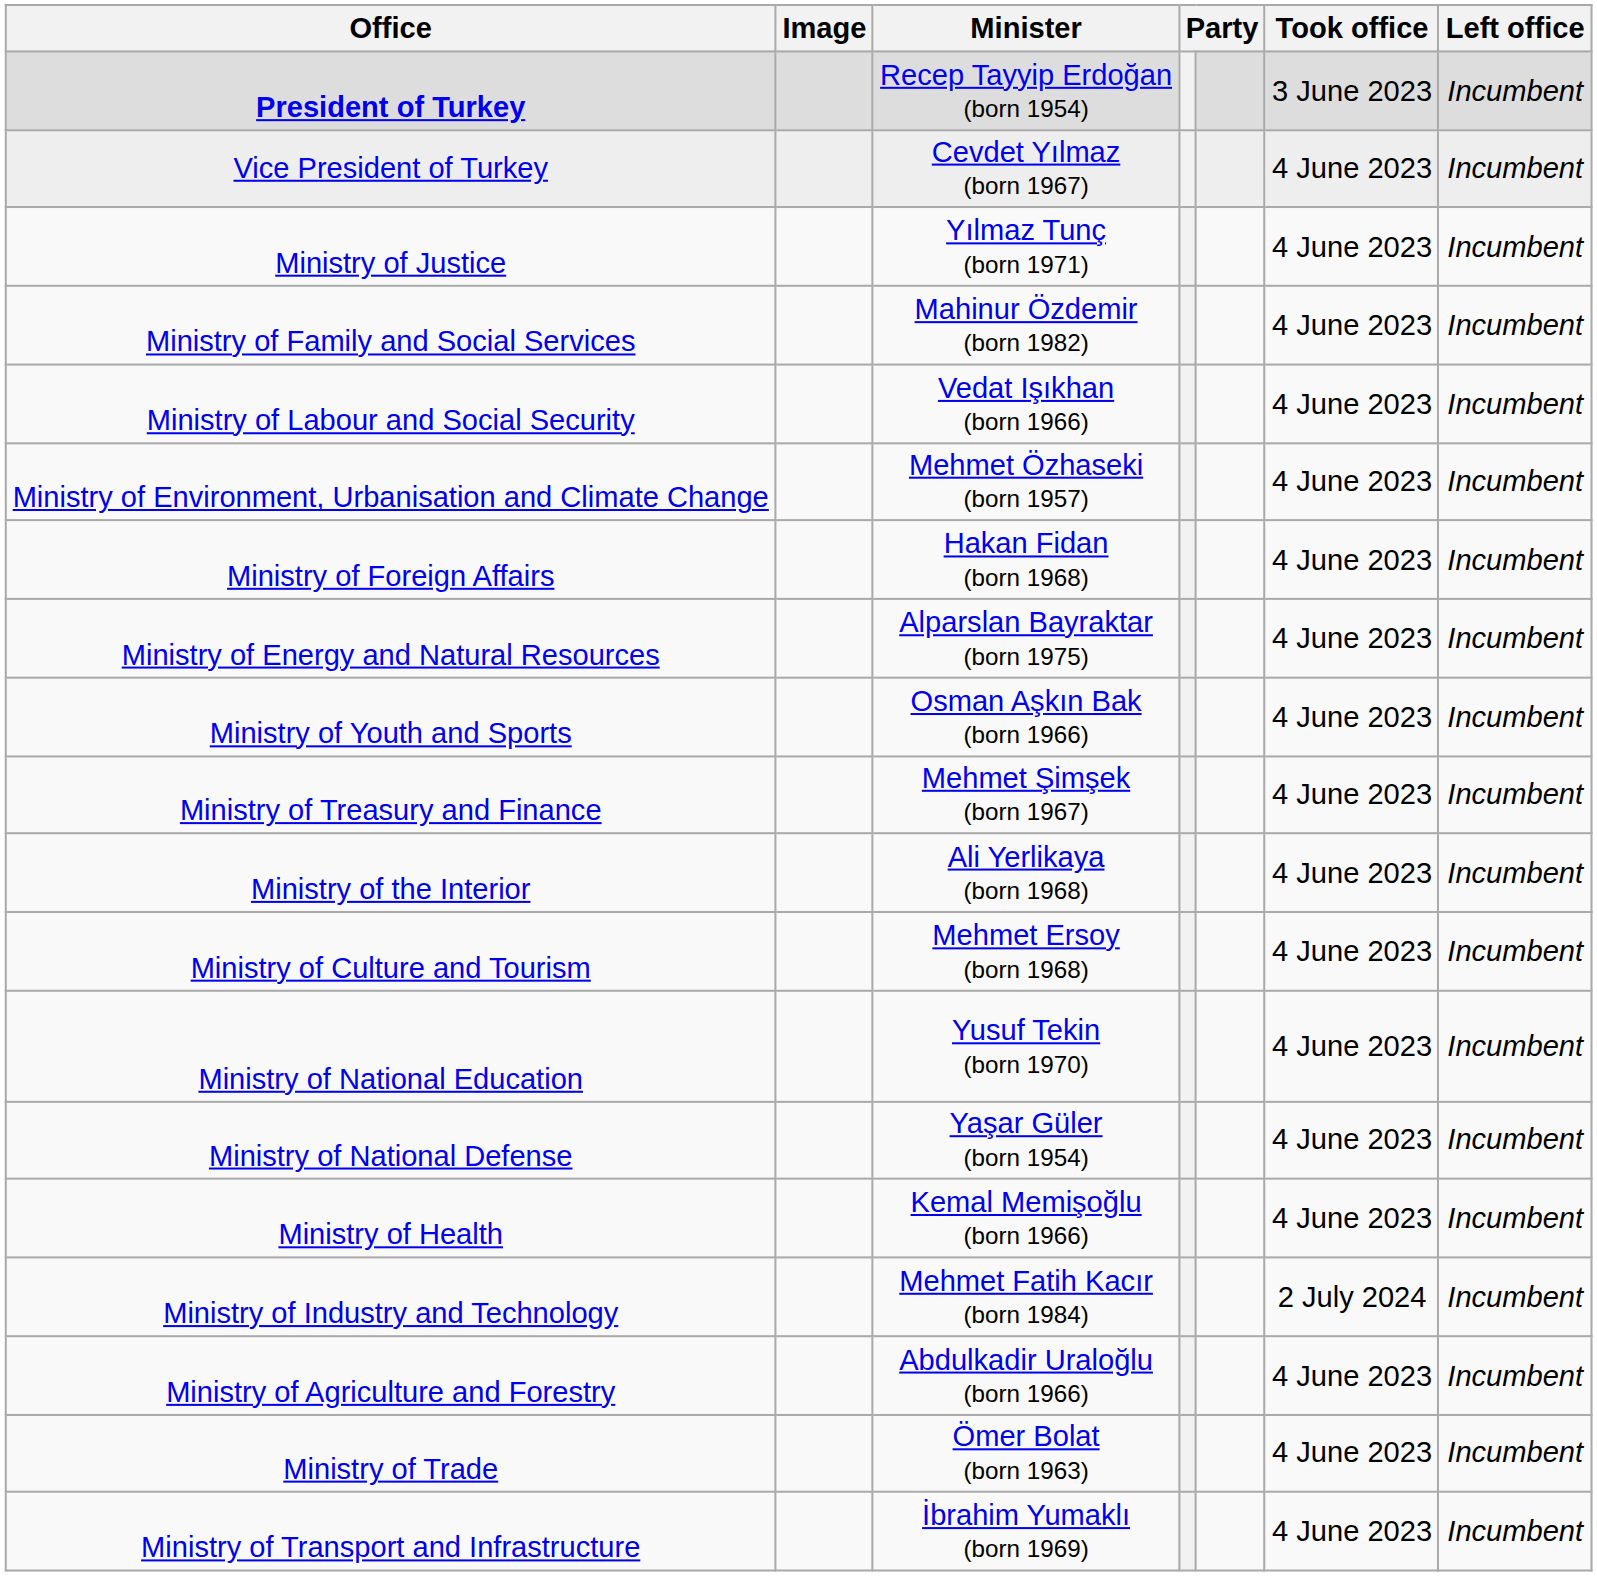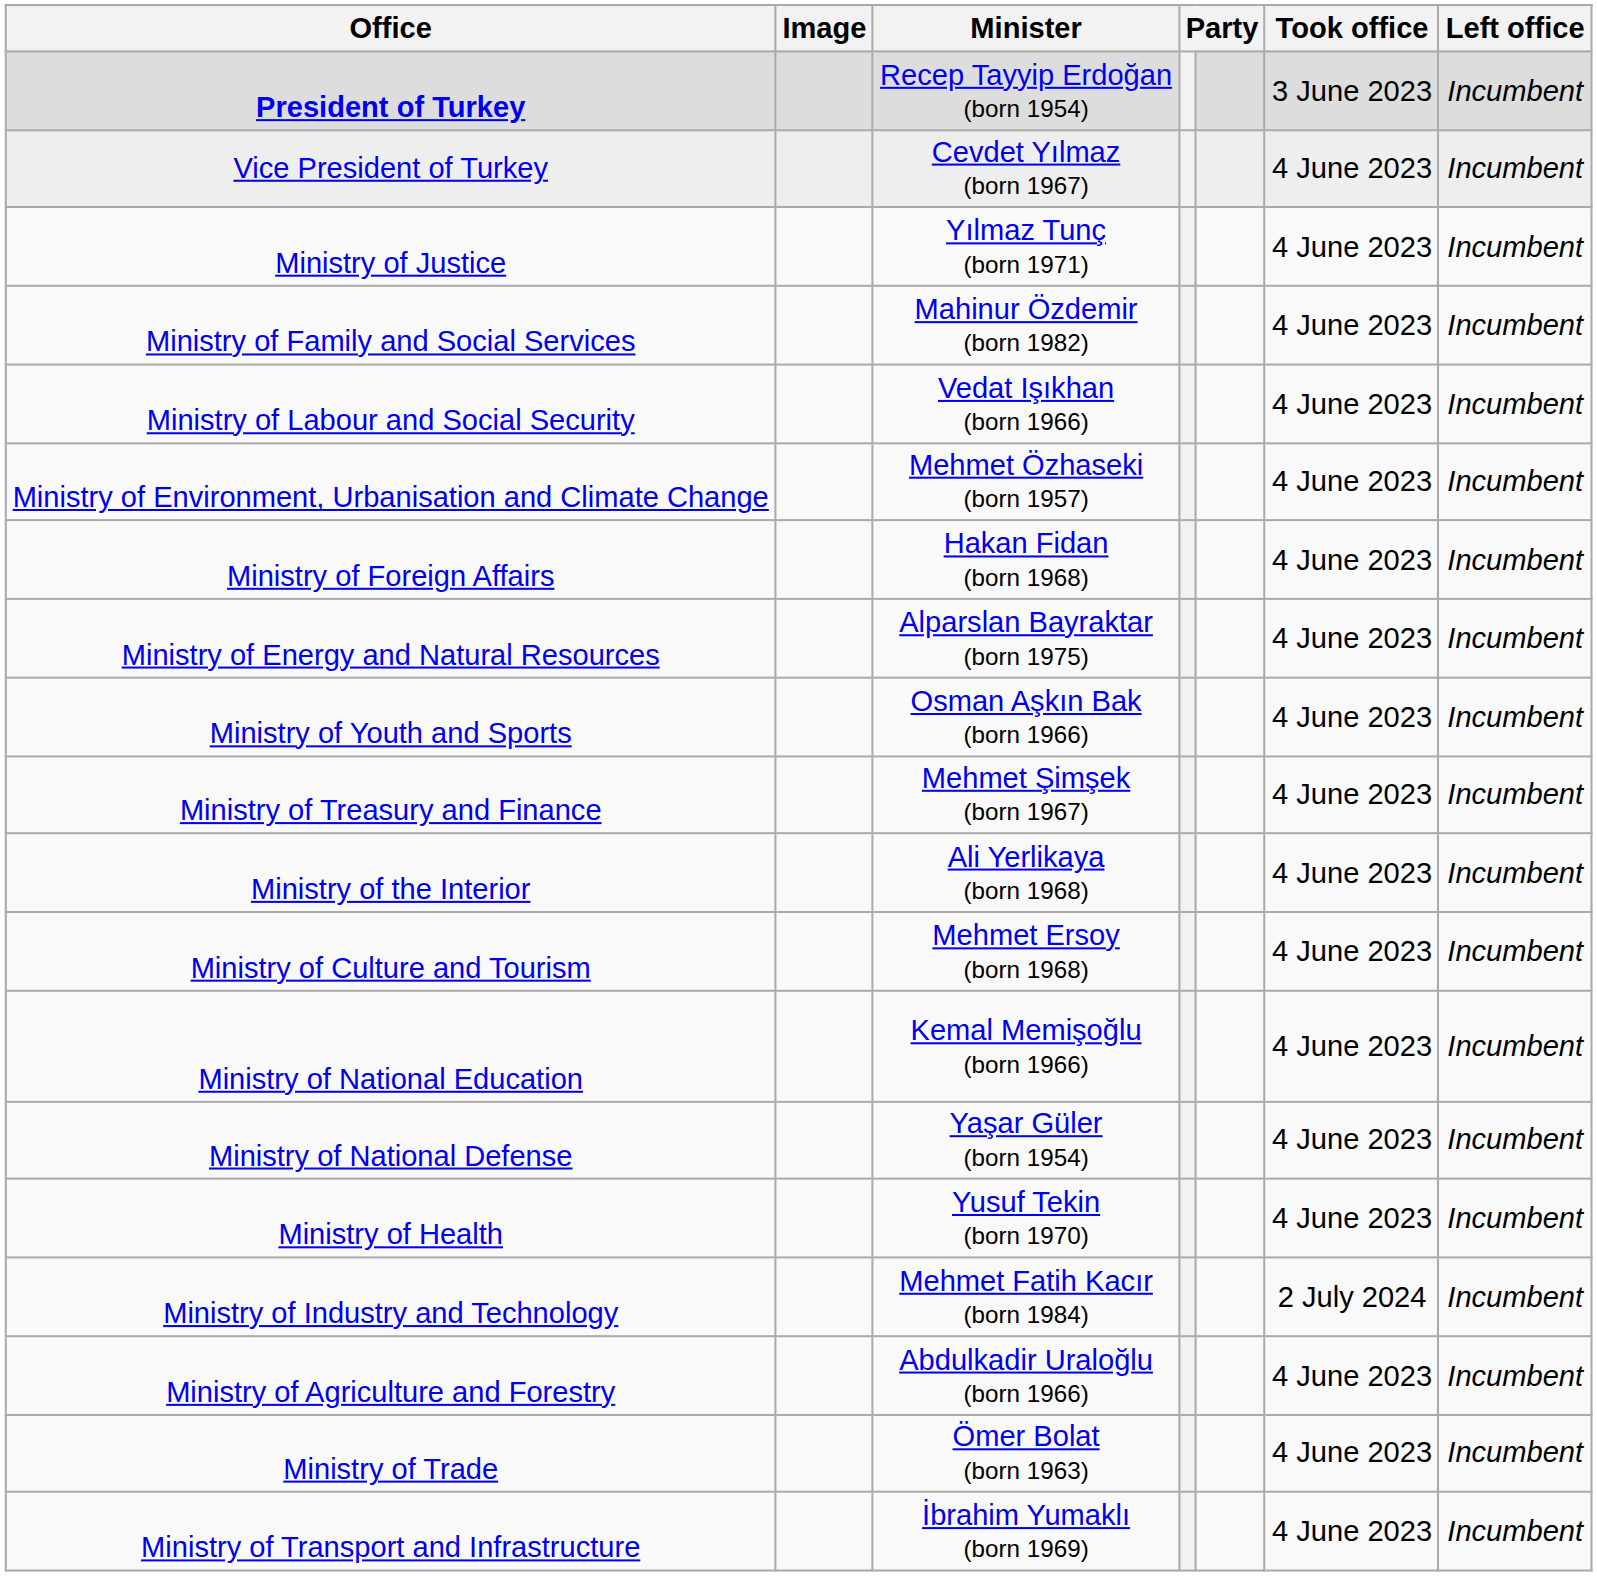 <table class="wikitable sortable" style="font-size:90%;margin-left: auto; margin-right: auto; border: none; text-align:center">
 <tr>
 <th>Office</th>
 <th class="unsortable">Image</th>
 <th>Minister</th>
 <th colspan=2>Party</th>
 <th>Took office</th>
 <th>Left office</th>
 </tr>
 <tr>
 <td bgcolor=#DDDDDD><br> <strong><a href='#'>President of Turkey</a></strong><br></td>
 <td bgcolor=#DDDDDD></td>
 <td bgcolor=#DDDDDD><a href='#'>Recep Tayyip Erdoğan</a><br><small>(born 1954)</small></td>
 <th style="width:2px;background: "></th>
 <td bgcolor=#DDDDDD></td>
 <td bgcolor=#DDDDDD>3 June 2023</td>
 <td bgcolor=#DDDDDD><em>Incumbent</em></td>
 </tr>
 <tr>
 <td bgcolor=#EEEEEE><a href='#'>Vice President of Turkey</a><br></td>
 <td bgcolor=#EEEEEE></td>
 <td bgcolor=#EEEEEE><a href='#'>Cevdet Yılmaz</a><br><small>(born 1967)</small></td>
 <th style="width:2px;background: "></th>
 <td bgcolor=#EEEEEE></td>
 <td bgcolor=#EEEEEE>4 June 2023</td>
 <td bgcolor=#EEEEEE><em>Incumbent</em></td>
 </tr>
 <tr>
 <td><br> <a href='#'>Ministry of Justice</a><br></td>
 <td></td>
 <td><a href='#'>Yılmaz Tunç</a><br><small>(born 1971)</small></td>
 <th style="width:2px;background: "></th>
 <td></td>
 <td>4 June 2023</td>
 <td><em>Incumbent</em></td>
 </tr>
 <tr>
 <td><br> <a href='#'>Ministry of Family and Social Services</a><br></td>
 <td></td>
 <td><a href='#'>Mahinur Özdemir</a><br><small>(born 1982)</small></td>
 <th style="width:2px;background: "></th>
 <td></td>
 <td>4 June 2023</td>
 <td><em>Incumbent</em></td>
 </tr>
 <tr>
 <td><br> <a href='#'>Ministry of Labour and Social Security</a><br></td>
 <td></td>
 <td><a href='#'>Vedat Işıkhan</a><br><small>(born 1966)</small></td>
 <th style="width:2px;background: "></th>
 <td></td>
 <td>4 June 2023</td>
 <td><em>Incumbent</em></td>
 </tr>
 <tr>
 <td><br> <a href='#'>Ministry of Environment, Urbanisation and Climate Change</a><br></td>
 <td></td>
 <td><a href='#'>Mehmet Özhaseki</a><br><small>(born 1957)</small></td>
 <th style="width:2px;background: "></th>
 <td></td>
 <td>4 June 2023</td>
 <td><em>Incumbent</em></td>
 </tr>
 <tr>
 <td><br> <a href='#'>Ministry of Foreign Affairs</a><br></td>
 <td></td>
 <td><a href='#'>Hakan Fidan</a><br><small>(born 1968)</small></td>
 <th style="width:2px;background: "></th>
 <td></td>
 <td>4 June 2023</td>
 <td><em>Incumbent</em></td>
 </tr>
 <tr>
 <td><br> <a href='#'>Ministry of Energy and Natural Resources</a><br></td>
 <td></td>
 <td><a href='#'>Alparslan Bayraktar</a><br><small>(born 1975)</small></td>
 <th style="width:2px;background: "></th>
 <td></td>
 <td>4 June 2023</td>
 <td><em>Incumbent</em></td>
 </tr>
 <tr>
 <td><br> <a href='#'>Ministry of Youth and Sports</a><br></td>
 <td></td>
 <td><a href='#'>Osman Aşkın Bak</a><br><small>(born 1966)</small></td>
 <th style="width:2px;background: "></th>
 <td></td>
 <td>4 June 2023</td>
 <td><em>Incumbent</em></td>
 </tr>
 <tr>
 <td><br> <a href='#'>Ministry of Treasury and Finance</a><br></td>
 <td></td>
 <td><a href='#'>Mehmet Şimşek</a><br><small>(born 1967)</small></td>
 <th style="width:2px;background: "></th>
 <td></td>
 <td>4 June 2023</td>
 <td><em>Incumbent</em></td>
 </tr>
 <tr>
 <td><br> <a href='#'>Ministry of the Interior</a><br></td>
 <td></td>
 <td><a href='#'>Ali Yerlikaya</a><br><small>(born 1968)</small></td>
 <th style="width:2px;background: "></th>
 <td></td>
 <td>4 June 2023</td>
 <td><em>Incumbent</em></td>
 </tr>
 <tr>
 <td><br> <a href='#'>Ministry of Culture and Tourism</a><br></td>
 <td></td>
 <td><a href='#'>Mehmet Ersoy</a><br><small>(born 1968)</small></td>
 <th style="width:2px;background: "></th>
 <td></td>
 <td>4 June 2023</td>
 <td><em>Incumbent</em></td>
 </tr>
 <tr>
 <td><br><br> <a href='#'>Ministry of National Education</a><br></td>
 <td></td>
-<td><a href='#'>Yusuf Tekin</a><br><small>(born 1970)</small></td>
+<td><a href='#'>Kemal Memişoğlu</a><br><small>(born 1966)</small></td>
 <th style="width:2px;background: "></th>
 <td></td>
 <td>4 June 2023</td>
 <td><em>Incumbent</em></td>
 </tr>
 <tr>
 <td><br> <a href='#'>Ministry of National Defense</a><br></td>
 <td></td>
 <td><a href='#'>Yaşar Güler</a><br><small>(born 1954)</small></td>
 <th style="width:2px;background: "></th>
 <td></td>
 <td>4 June 2023</td>
 <td><em>Incumbent</em></td>
 </tr>
 <tr>
 <td><br> <a href='#'>Ministry of Health</a><br></td>
 <td></td>
-<td><a href='#'>Kemal Memişoğlu</a><br><small>(born 1966)</small></td>
+<td><a href='#'>Yusuf Tekin</a><br><small>(born 1970)</small></td>
 <th style="width:2px;background: "></th>
 <td></td>
 <td>4 June 2023</td>
 <td><em>Incumbent</em></td>
 </tr>
 <tr>
 <td> <br><a href='#'>Ministry of Industry and Technology</a><br></td>
 <td></td>
 <td><a href='#'>Mehmet Fatih Kacır</a><br><small>(born 1984)</small></td>
 <th style="width:2px;background: "></th>
 <td></td>
 <td>2 July 2024</td>
 <td><em>Incumbent</em></td>
 </tr>
 <tr>
 <td><br> <a href='#'>Ministry of Agriculture and Forestry</a><br></td>
 <td></td>
 <td><a href='#'>Abdulkadir Uraloğlu</a><br><small>(born 1966)</small></td>
 <th style="width:2px;background: "></th>
 <td></td>
 <td>4 June 2023</td>
 <td><em>Incumbent</em></td>
 </tr>
 <tr>
 <td><br><a href='#'>Ministry of Trade</a><br></td>
 <td></td>
 <td><a href='#'>Ömer Bolat</a><br><small>(born 1963)</small></td>
 <th style="width:2px;background: "></th>
 <td></td>
 <td>4 June 2023</td>
 <td><em>Incumbent</em></td>
 </tr>
 <tr>
 <td><br> <a href='#'>Ministry of Transport and Infrastructure</a><br></td>
 <td></td>
 <td><a href='#'>İbrahim Yumaklı</a><br><small>(born 1969)</small></td>
 <th style="width:2px;background: "></th>
 <td></td>
 <td>4 June 2023</td>
 <td><em>Incumbent</em></td>
 </tr>
 </table>
